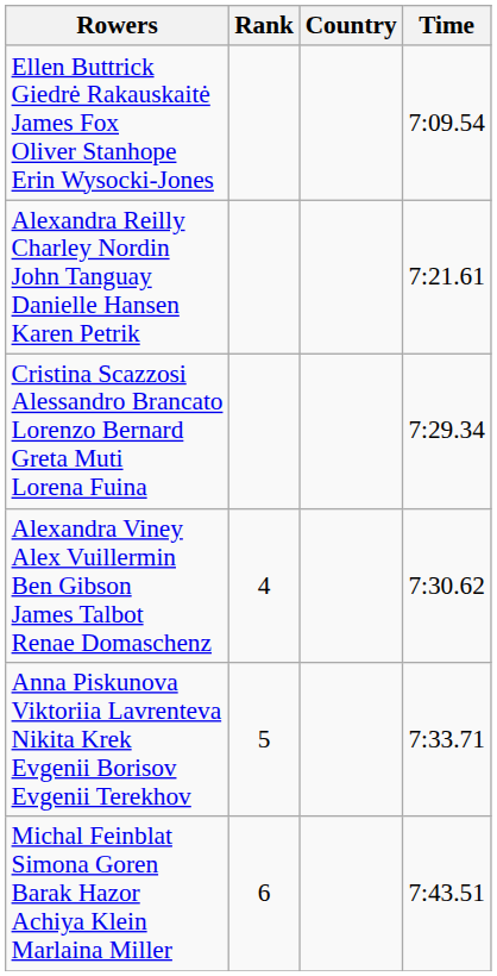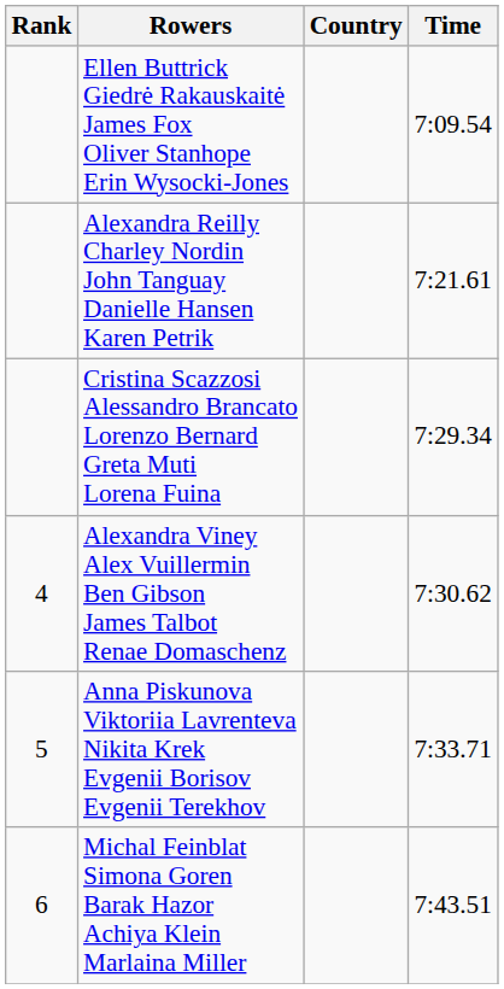 <table class="wikitable" style="text-align:center">
 <tr>
+<th>Rank</th>
 <th>Rowers</th>
-<th>Rank</th>
 <th>Country</th>
 <th>Time</th>
 </tr>
 <tr>
+<td></td>
 <td align="left"><a href='#'>Ellen Buttrick</a><br><a href='#'>Giedrė Rakauskaitė</a><br><a href='#'>James Fox</a><br><a href='#'>Oliver Stanhope</a><br><a href='#'>Erin Wysocki-Jones</a></td>
-<td></td>
 <td align="left"></td>
 <td>7:09.54</td>
 </tr>
 <tr>
+<td></td>
 <td align="left"><a href='#'>Alexandra Reilly</a><br><a href='#'>Charley Nordin</a><br><a href='#'>John Tanguay</a><br><a href='#'>Danielle Hansen</a><br><a href='#'>Karen Petrik</a></td>
-<td></td>
 <td align="left"></td>
 <td>7:21.61</td>
 </tr>
 <tr>
+<td></td>
 <td align="left"><a href='#'>Cristina Scazzosi</a><br><a href='#'>Alessandro Brancato</a><br><a href='#'>Lorenzo Bernard</a><br><a href='#'>Greta Muti</a><br><a href='#'>Lorena Fuina</a></td>
-<td></td>
 <td align="left"></td>
 <td>7:29.34</td>
 </tr>
 <tr>
+<td>4</td>
 <td align="left"><a href='#'>Alexandra Viney</a><br><a href='#'>Alex Vuillermin</a><br><a href='#'>Ben Gibson</a><br><a href='#'>James Talbot</a><br><a href='#'>Renae Domaschenz</a></td>
-<td>4</td>
 <td align="left"></td>
 <td>7:30.62</td>
 </tr>
 <tr>
+<td>5</td>
 <td align="left"><a href='#'>Anna Piskunova</a><br><a href='#'>Viktoriia Lavrenteva</a><br><a href='#'>Nikita Krek</a><br><a href='#'>Evgenii Borisov</a><br><a href='#'>Evgenii Terekhov</a></td>
-<td>5</td>
 <td align="left"></td>
 <td>7:33.71</td>
 </tr>
 <tr>
+<td>6</td>
 <td align="left"><a href='#'>Michal Feinblat</a><br><a href='#'>Simona Goren</a><br><a href='#'>Barak Hazor</a><br><a href='#'>Achiya Klein</a><br><a href='#'>Marlaina Miller</a></td>
-<td>6</td>
 <td align="left"></td>
 <td>7:43.51</td>
 </tr>
 </table>
